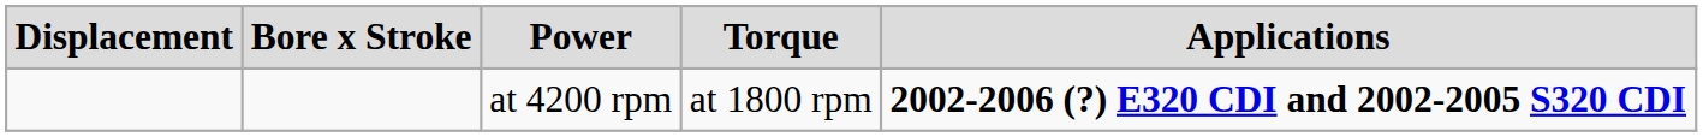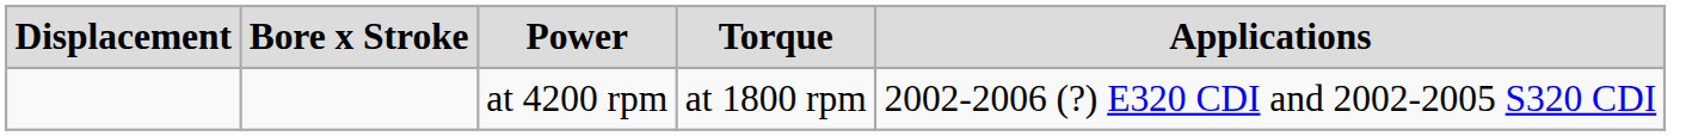 <table class="wikitable" style="text-align:center; font-size:91%;">
 <tr>
 <th style="background:#DCDCDC" align="center" valign="middle">Displacement</th>
 <th style="background:#DCDCDC" align="center" valign="middle">Bore x Stroke</th>
 <th style="background:#DCDCDC" align="center" valign="middle">Power</th>
 <th style="background:#DCDCDC" align="center" valign="middle">Torque</th>
 <th style="background:#DCDCDC" align="center" valign="middle">Applications</th>
 </tr>
 <tr>
 <td rowspan="3"></td>
 <td rowspan="3"></td>
 <td> at 4200 rpm</td>
 <td> at 1800 rpm</td>
-<td><strong>2002-2006 (?) <a href='#'>E320 CDI</a> and 2002-2005 <a href='#'>S320 CDI</a></strong></td>
+<td>2002-2006 (?) <a href='#'>E320 CDI</a> and 2002-2005 <a href='#'>S320 CDI</a></td>
 </tr>
 </table>
